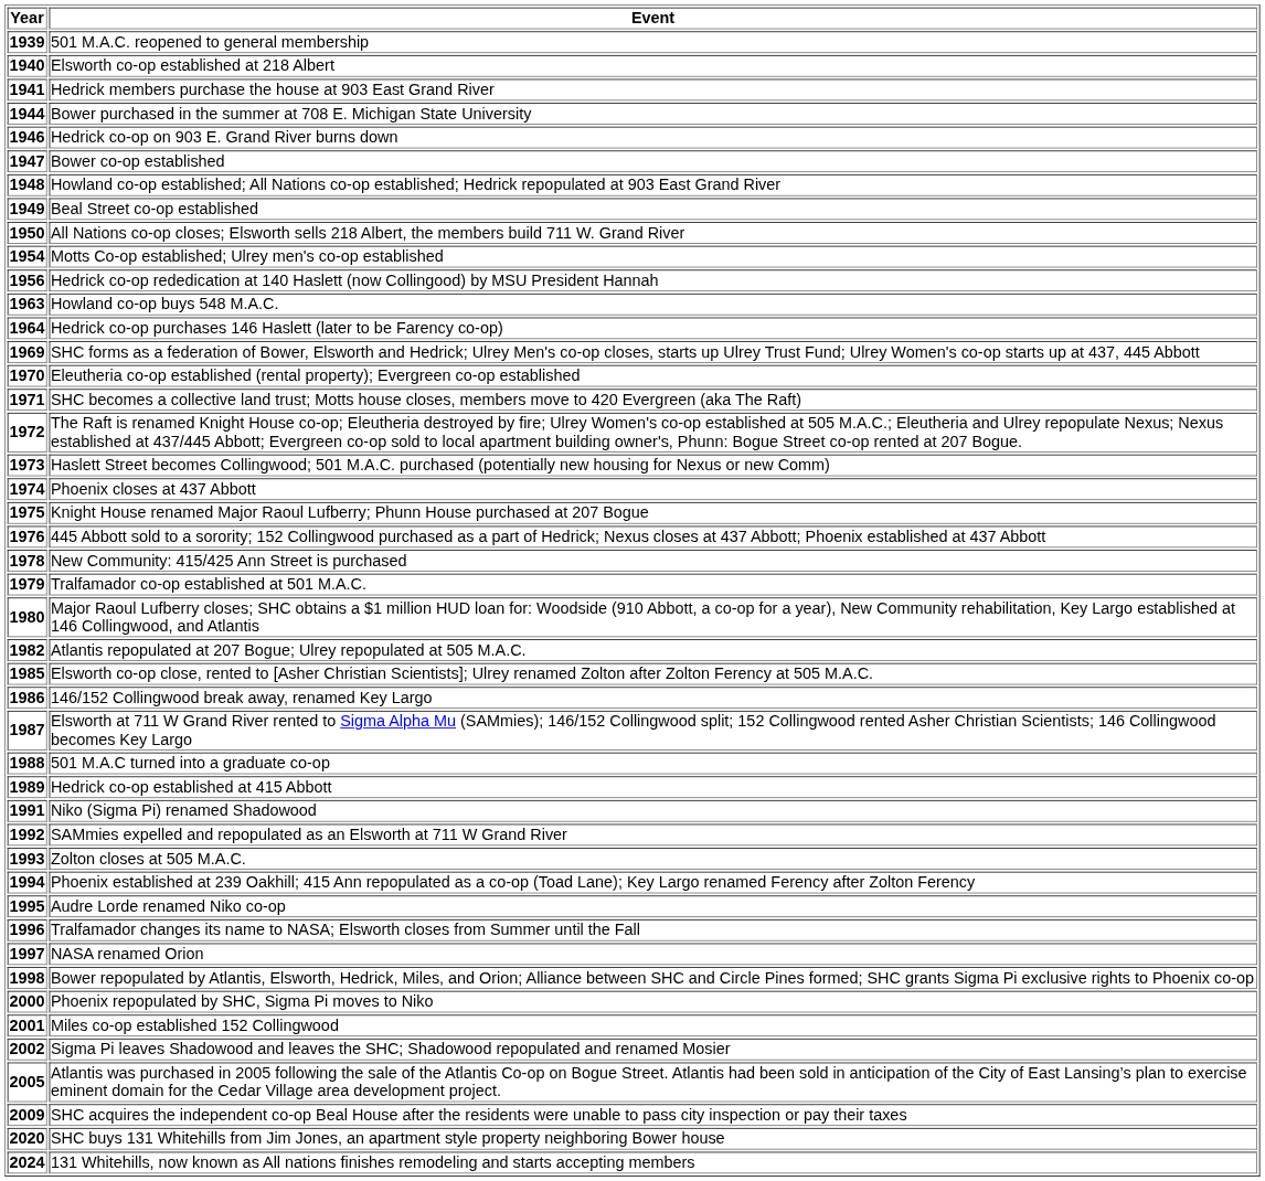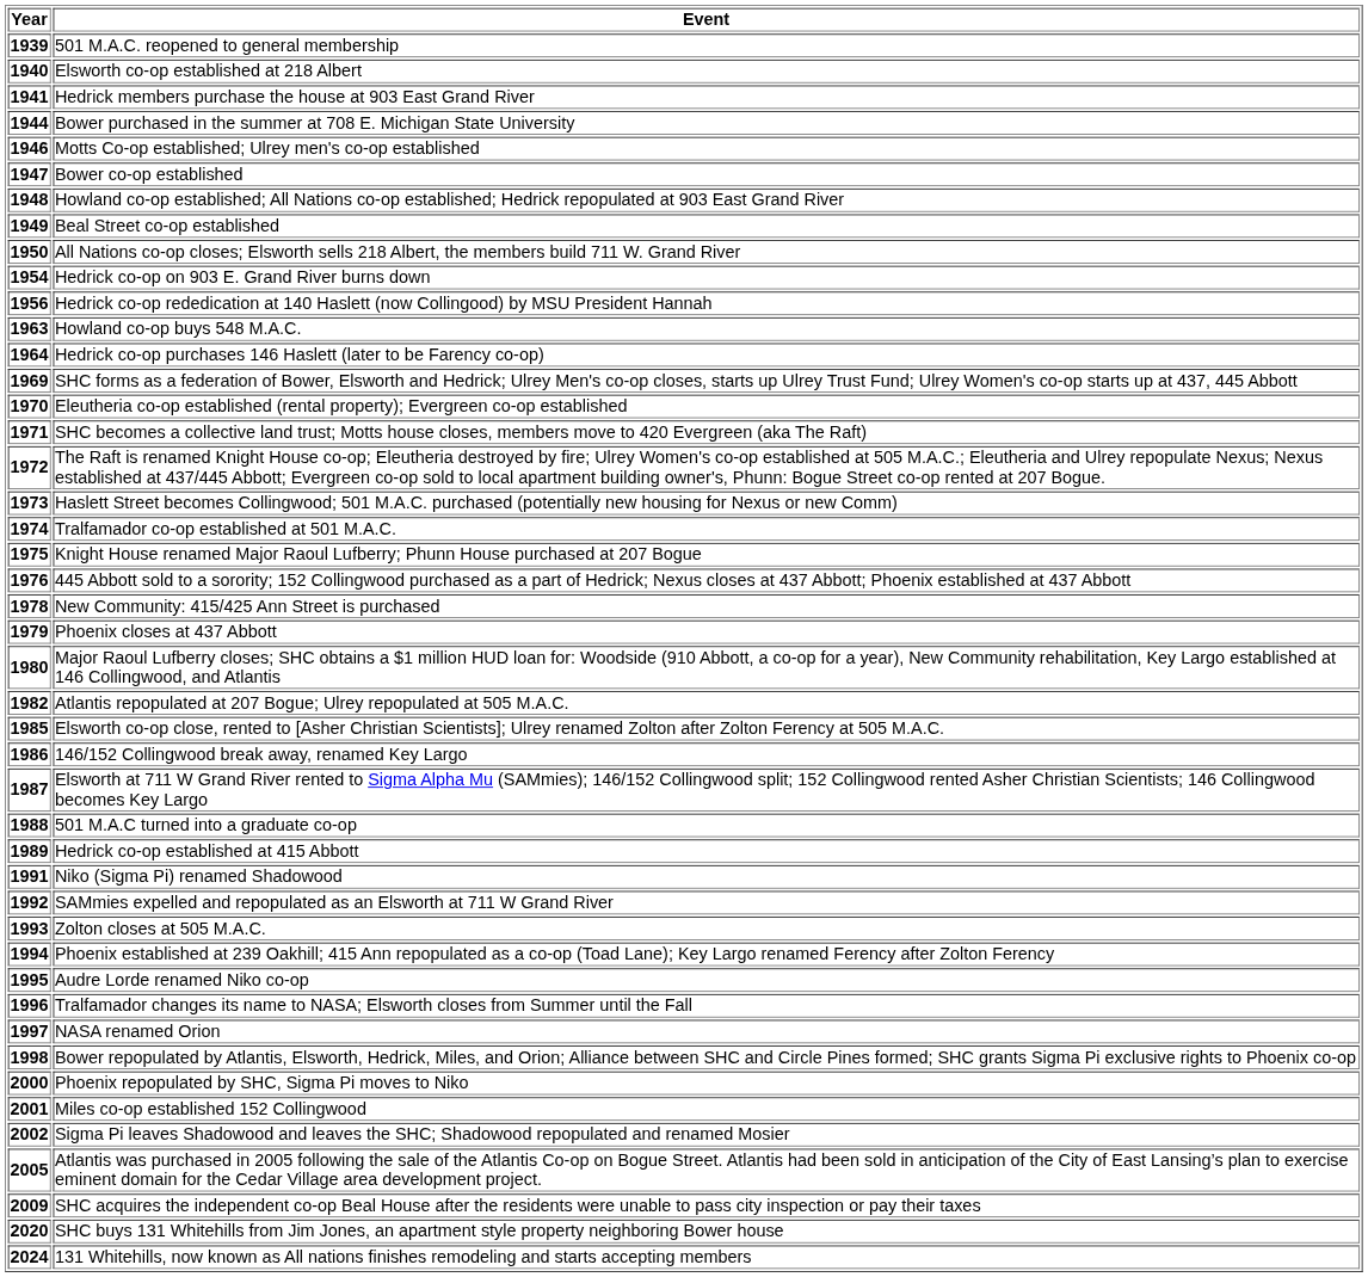 <table border="1">
 <tr>
 <th>Year</th>
 <th>Event</th>
 </tr>
 <tr>
 <th>1939</th>
 <td>501 M.A.C. reopened to general membership</td>
 </tr>
 <tr>
 <th>1940</th>
 <td>Elsworth co-op established at 218 Albert</td>
 </tr>
 <tr>
 <th>1941</th>
 <td>Hedrick members purchase the house at 903 East Grand River</td>
 </tr>
 <tr>
 <th>1944</th>
 <td>Bower purchased in the summer at 708 E. Michigan State University</td>
 </tr>
 <tr>
 <th>1946</th>
-<td>Hedrick co-op on 903 E. Grand River burns down</td>
+<td>Motts Co-op established; Ulrey men's co-op established</td>
 </tr>
 <tr>
 <th>1947</th>
 <td>Bower co-op established</td>
 </tr>
 <tr>
 <th>1948</th>
 <td>Howland co-op established; All Nations co-op established; Hedrick repopulated at 903 East Grand River</td>
 </tr>
 <tr>
 <th>1949</th>
 <td>Beal Street co-op established</td>
 </tr>
 <tr>
 <th>1950</th>
 <td>All Nations co-op closes; Elsworth sells 218 Albert, the members build 711 W. Grand River</td>
 </tr>
 <tr>
 <th>1954</th>
-<td>Motts Co-op established; Ulrey men's co-op established</td>
+<td>Hedrick co-op on 903 E. Grand River burns down</td>
 </tr>
 <tr>
 <th>1956</th>
 <td>Hedrick co-op rededication at 140 Haslett (now Collingood) by MSU President Hannah</td>
 </tr>
 <tr>
 <th>1963</th>
 <td>Howland co-op buys 548 M.A.C.</td>
 </tr>
 <tr>
 <th>1964</th>
 <td>Hedrick co-op purchases 146 Haslett (later to be Farency co-op)</td>
 </tr>
 <tr>
 <th>1969</th>
 <td>SHC forms as a federation of Bower, Elsworth and Hedrick; Ulrey Men's co-op closes, starts up Ulrey Trust Fund; Ulrey Women's co-op starts up at 437, 445 Abbott</td>
 </tr>
 <tr>
 <th>1970</th>
 <td>Eleutheria co-op established (rental property); Evergreen co-op established</td>
 </tr>
 <tr>
 <th>1971</th>
 <td>SHC becomes a collective land trust; Motts house closes, members move to 420 Evergreen (aka The Raft)</td>
 </tr>
 <tr>
 <th>1972</th>
 <td>The Raft is renamed Knight House co-op; Eleutheria destroyed by fire; Ulrey Women's co-op established at 505 M.A.C.; Eleutheria and Ulrey repopulate Nexus; Nexus established at 437/445 Abbott; Evergreen co-op sold to local apartment building owner's, Phunn: Bogue Street co-op rented at 207 Bogue.</td>
 </tr>
 <tr>
 <th>1973</th>
 <td>Haslett Street becomes Collingwood; 501 M.A.C. purchased (potentially new housing for Nexus or new Comm)</td>
 </tr>
 <tr>
 <th>1974</th>
-<td>Phoenix closes at 437 Abbott</td>
+<td>Tralfamador co-op established at 501 M.A.C.</td>
 </tr>
 <tr>
 <th>1975</th>
 <td>Knight House renamed Major Raoul Lufberry; Phunn House purchased at 207 Bogue</td>
 </tr>
 <tr>
 <th>1976</th>
 <td>445 Abbott sold to a sorority; 152 Collingwood purchased as a part of Hedrick; Nexus closes at 437 Abbott; Phoenix established at 437 Abbott</td>
 </tr>
 <tr>
 <th>1978</th>
 <td>New Community: 415/425 Ann Street is purchased</td>
 </tr>
 <tr>
 <th>1979</th>
-<td>Tralfamador co-op established at 501 M.A.C.</td>
+<td>Phoenix closes at 437 Abbott</td>
 </tr>
 <tr>
 <th>1980</th>
 <td>Major Raoul Lufberry closes; SHC obtains a $1 million HUD loan for: Woodside (910 Abbott, a co-op for a year), New Community rehabilitation, Key Largo established at 146 Collingwood, and Atlantis</td>
 </tr>
 <tr>
 <th>1982</th>
 <td>Atlantis repopulated at 207 Bogue; Ulrey repopulated at 505 M.A.C.</td>
 </tr>
 <tr>
 <th>1985</th>
 <td>Elsworth co-op close, rented to [Asher Christian Scientists]; Ulrey renamed Zolton after Zolton Ferency at 505 M.A.C.</td>
 </tr>
 <tr>
 <th>1986</th>
 <td>146/152 Collingwood break away, renamed Key Largo</td>
 </tr>
 <tr>
 <th>1987</th>
 <td>Elsworth at 711 W Grand River rented to <a href='#'>Sigma Alpha Mu</a> (SAMmies); 146/152 Collingwood split; 152 Collingwood rented Asher Christian Scientists; 146 Collingwood becomes Key Largo</td>
 </tr>
 <tr>
 <th>1988</th>
 <td>501 M.A.C turned into a graduate co-op</td>
 </tr>
 <tr>
 <th>1989</th>
 <td>Hedrick co-op established at 415 Abbott</td>
 </tr>
 <tr>
 <th>1991</th>
 <td>Niko (Sigma Pi) renamed Shadowood</td>
 </tr>
 <tr>
 <th>1992</th>
 <td>SAMmies expelled  and repopulated as an Elsworth at 711 W Grand River</td>
 </tr>
 <tr>
 <th>1993</th>
 <td>Zolton closes at 505 M.A.C.</td>
 </tr>
 <tr>
 <th>1994</th>
 <td>Phoenix established at 239 Oakhill; 415 Ann repopulated as a co-op (Toad Lane); Key Largo renamed Ferency after Zolton Ferency</td>
 </tr>
 <tr>
 <th>1995</th>
 <td>Audre Lorde renamed Niko co-op</td>
 </tr>
 <tr>
 <th>1996</th>
 <td>Tralfamador changes its name to NASA; Elsworth closes from Summer until the Fall</td>
 </tr>
 <tr>
 <th>1997</th>
 <td>NASA renamed Orion</td>
 </tr>
 <tr>
 <th>1998</th>
 <td>Bower repopulated by Atlantis, Elsworth, Hedrick, Miles, and Orion; Alliance between SHC and Circle Pines formed; SHC grants Sigma Pi exclusive rights to Phoenix co-op</td>
 </tr>
 <tr>
 <th>2000</th>
 <td>Phoenix repopulated by SHC, Sigma Pi moves to Niko</td>
 </tr>
 <tr>
 <th>2001</th>
 <td>Miles co-op established 152 Collingwood</td>
 </tr>
 <tr>
 <th>2002</th>
 <td>Sigma Pi leaves Shadowood and leaves the SHC; Shadowood repopulated and renamed Mosier</td>
 </tr>
 <tr>
 <th>2005</th>
 <td>Atlantis was purchased in 2005 following the sale of the Atlantis Co-op on Bogue Street.  Atlantis had been sold in anticipation of the City of East Lansing’s plan to exercise eminent domain for the Cedar Village area development project.</td>
 </tr>
 <tr>
 <th>2009</th>
 <td>SHC acquires the independent co-op Beal House after the   residents were unable to pass city inspection or pay their taxes</td>
 </tr>
 <tr>
 <th>2020</th>
 <td>SHC buys 131 Whitehills from Jim Jones, an apartment style property neighboring Bower house</td>
 </tr>
 <tr>
 <th>2024</th>
 <td>131 Whitehills, now known as All nations finishes remodeling and starts accepting members</td>
 </tr>
 </table>
